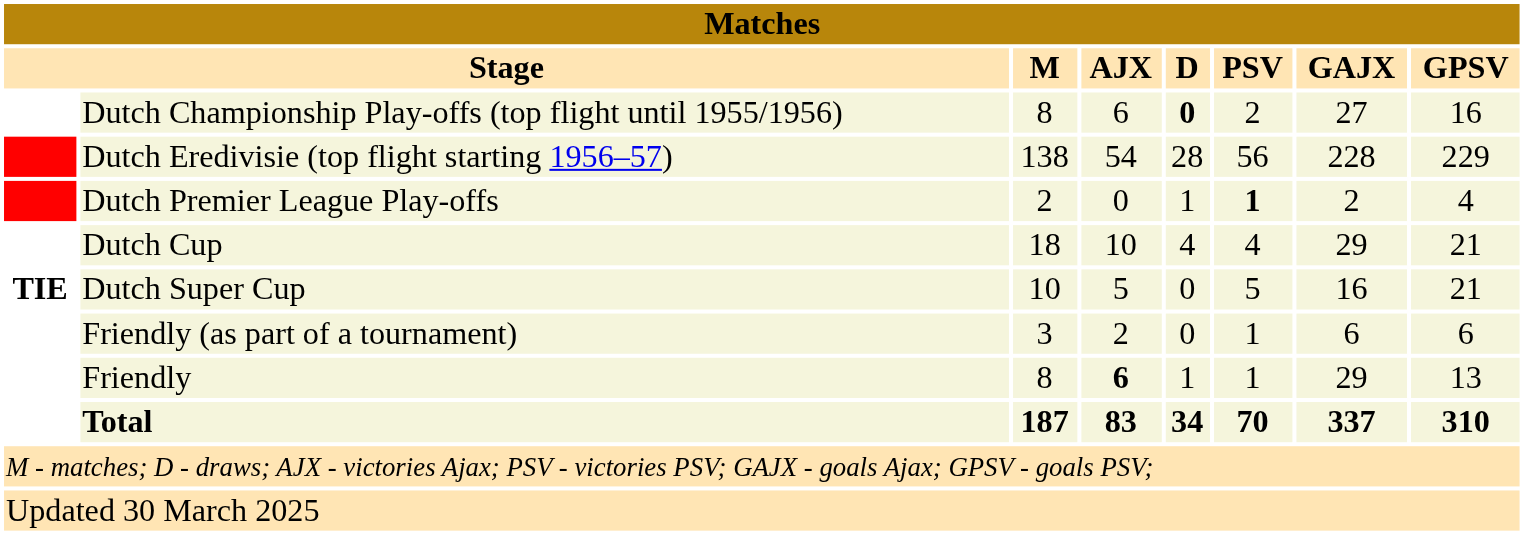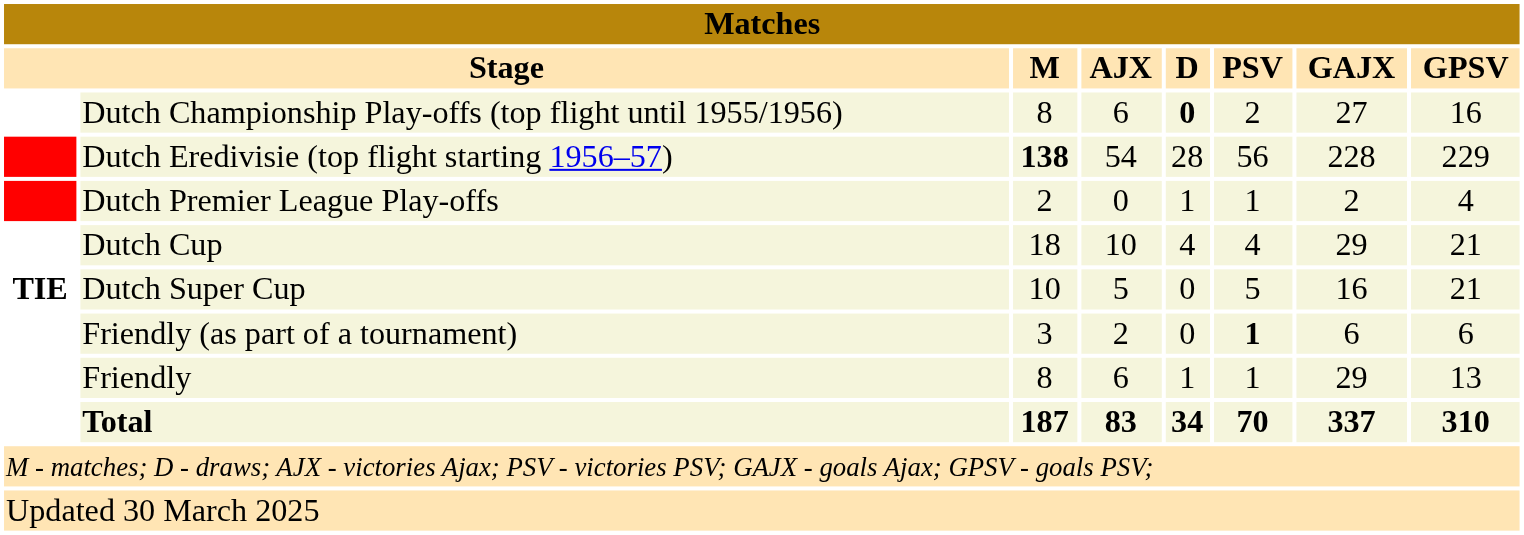 <table width=60%>
 <tr>
 <th colspan="8" bgcolor="#B8860B"><span>Matches</span></th>
 </tr>
 <tr>
 <th colspan="2" bgcolor=#ffe5b4><span>Stage</span></th>
 <th bgcolor=#ffe5b4 align="center"><span>M</span></th>
 <th bgcolor=#ffe5b4 align="center"><span>AJX</span></th>
 <th bgcolor=#ffe5b4 align="center"><span>D</span></th>
 <th bgcolor=#ffe5b4 align="center"><span>PSV</span></th>
 <th bgcolor=#ffe5b4 align="center"><span>GAJX</span></th>
 <th bgcolor=#ffe5b4 align="center"><span>GPSV</span></th>
 </tr>
 <tr>
 <th bgcolor=#ffffff align="center"><strong></strong></th>
 <td bgcolor=#f5f5dc>Dutch Championship Play-offs (top flight until 1955/1956)</td>
 <td bgcolor=#f5f5dc align="center">8</td>
 <td bgcolor=#f5f5dc align="center">6</td>
 <td bgcolor=#f5f5dc align="center"><strong>0</strong></td>
 <td bgcolor=#f5f5dc align="center">2</td>
 <td bgcolor=#f5f5dc align="center">27</td>
 <td bgcolor=#f5f5dc align="center">16</td>
 </tr>
 <tr>
 <th bgcolor=#ff0000 align="center"><strong></strong></th>
 <td bgcolor=#f5f5dc>Dutch Eredivisie (top flight starting <a href='#'>1956–57</a>)</td>
-<td bgcolor=#f5f5dc align="center">138</td>
+<td bgcolor=#f5f5dc align="center"><strong>138</strong></td>
 <td bgcolor=#f5f5dc align="center">54</td>
 <td bgcolor=#f5f5dc align="center">28</td>
 <td bgcolor=#f5f5dc align="center">56</td>
 <td bgcolor=#f5f5dc align="center">228</td>
 <td bgcolor=#f5f5dc align="center">229</td>
 </tr>
 <tr>
 <th bgcolor=#ff0000 align="center"><strong></strong></th>
 <td bgcolor=#f5f5dc>Dutch Premier League Play-offs</td>
 <td bgcolor=#f5f5dc align="center">2</td>
 <td bgcolor=#f5f5dc align="center">0</td>
 <td bgcolor=#f5f5dc align="center">1</td>
-<td bgcolor=#f5f5dc align="center"><strong>1</strong></td>
+<td bgcolor=#f5f5dc align="center">1</td>
 <td bgcolor=#f5f5dc align="center">2</td>
 <td bgcolor=#f5f5dc align="center">4</td>
 </tr>
 <tr>
 <th bgcolor=#ffffff align="center"><strong></strong></th>
 <td bgcolor=#f5f5dc>Dutch Cup</td>
 <td bgcolor=#f5f5dc align="center">18</td>
 <td bgcolor=#f5f5dc align="center">10</td>
 <td bgcolor=#f5f5dc align="center">4</td>
 <td bgcolor=#f5f5dc align="center">4</td>
 <td bgcolor=#f5f5dc align="center">29</td>
 <td bgcolor=#f5f5dc align="center">21</td>
 </tr>
 <tr>
 <th bgcolor=#ffffff align="center"><strong>TIE</strong></th>
 <td bgcolor=#f5f5dc>Dutch Super Cup</td>
 <td bgcolor=#f5f5dc align="center">10</td>
 <td bgcolor=#f5f5dc align="center">5</td>
 <td bgcolor=#f5f5dc align="center">0</td>
 <td bgcolor=#f5f5dc align="center">5</td>
 <td bgcolor=#f5f5dc align="center">16</td>
 <td bgcolor=#f5f5dc align="center">21</td>
 </tr>
 <tr>
 <th bgcolor=#ffffff align="center"><strong></strong></th>
 <td bgcolor=#f5f5dc>Friendly (as part of a tournament)</td>
 <td bgcolor=#f5f5dc align="center">3</td>
 <td bgcolor=#f5f5dc align="center">2</td>
 <td bgcolor=#f5f5dc align="center">0</td>
-<td bgcolor=#f5f5dc align="center">1</td>
+<td bgcolor=#f5f5dc align="center"><strong>1</strong></td>
 <td bgcolor=#f5f5dc align="center">6</td>
 <td bgcolor=#f5f5dc align="center">6</td>
 </tr>
 <tr>
 <th bgcolor=#ffffff align="center"><strong></strong></th>
 <td bgcolor=#f5f5dc>Friendly</td>
 <td bgcolor=#f5f5dc align="center">8</td>
-<td bgcolor=#f5f5dc align="center"><strong>6</strong></td>
+<td bgcolor=#f5f5dc align="center">6</td>
 <td bgcolor=#f5f5dc align="center">1</td>
 <td bgcolor=#f5f5dc align="center">1</td>
 <td bgcolor=#f5f5dc align="center">29</td>
 <td bgcolor=#f5f5dc align="center">13</td>
 </tr>
 <tr>
 <th bgcolor=#ffffff align="center"><strong></strong></th>
 <td bgcolor=#f5f5dc><strong>Total</strong></td>
 <td bgcolor=#f5f5dc align="center"><strong>187</strong></td>
 <td bgcolor=#f5f5dc align="center"><strong>83</strong></td>
 <td bgcolor=#f5f5dc align="center"><strong>34</strong></td>
 <td bgcolor=#f5f5dc align="center"><strong>70</strong></td>
 <td bgcolor=#f5f5dc align="center"><strong>337</strong></td>
 <td bgcolor=#f5f5dc align="center"><strong>310</strong></td>
 </tr>
 <tr bgcolor=#ffe5b4>
 <td colspan="8"><small><em>M - matches; D - draws; AJX - victories Ajax; PSV - victories PSV; GAJX - goals Ajax; GPSV - goals PSV; </small></td>
 </tr>
 <tr bgcolor=#ffe5b4>
 <td colspan="8">Updated 30 March 2025</td>
 </tr>
 </table>
